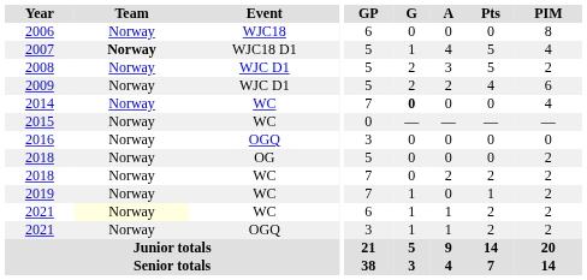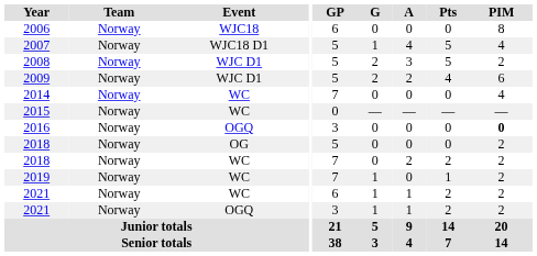 <table border="0" cellpadding="1" cellspacing="0" ID="Table3" style="text-align:center; width:40em">
 <tr ALIGN="center" bgcolor="#e0e0e0">
 <th>Year</th>
 <th>Team</th>
 <th>Event</th>
 <th rowspan="99" bgcolor="#ffffff"></th>
 <th>GP</th>
 <th>G</th>
 <th>A</th>
 <th>Pts</th>
 <th>PIM</th>
 </tr>
 <tr>
 <td><a href='#'>2006</a></td>
 <td><a href='#'>Norway</a></td>
 <td><a href='#'>WJC18</a></td>
 <td>6</td>
 <td>0</td>
 <td>0</td>
 <td>0</td>
 <td>8</td>
 </tr>
 <tr bgcolor="#f0f0f0">
 <td><a href='#'>2007</a></td>
-<td><strong>Norway</strong></td>
+<td>Norway</td>
 <td>WJC18 D1</td>
 <td>5</td>
 <td>1</td>
 <td>4</td>
 <td>5</td>
 <td>4</td>
 </tr>
 <tr>
 <td><a href='#'>2008</a></td>
 <td><a href='#'>Norway</a></td>
 <td><a href='#'>WJC D1</a></td>
 <td>5</td>
 <td>2</td>
 <td>3</td>
 <td>5</td>
 <td>2</td>
 </tr>
 <tr bgcolor="#f0f0f0">
 <td><a href='#'>2009</a></td>
 <td>Norway</td>
 <td>WJC D1</td>
 <td>5</td>
 <td>2</td>
 <td>2</td>
 <td>4</td>
 <td>6</td>
 </tr>
 <tr>
 <td><a href='#'>2014</a></td>
 <td><a href='#'>Norway</a></td>
 <td><a href='#'>WC</a></td>
 <td>7</td>
-<td><strong>0</strong></td>
+<td>0</td>
 <td>0</td>
 <td>0</td>
 <td>4</td>
 </tr>
 <tr bgcolor="#f0f0f0">
 <td><a href='#'>2015</a></td>
 <td>Norway</td>
 <td>WC</td>
 <td>0</td>
 <td>—</td>
 <td>—</td>
 <td>—</td>
 <td>—</td>
 </tr>
 <tr>
 <td><a href='#'>2016</a></td>
 <td>Norway</td>
 <td><a href='#'>OGQ</a></td>
 <td>3</td>
 <td>0</td>
 <td>0</td>
 <td>0</td>
-<td>0</td>
+<td><strong>0</strong></td>
 </tr>
 <tr bgcolor="#f0f0f0">
 <td><a href='#'>2018</a></td>
 <td>Norway</td>
 <td>OG</td>
 <td>5</td>
 <td>0</td>
 <td>0</td>
 <td>0</td>
 <td>2</td>
 </tr>
 <tr>
 <td><a href='#'>2018</a></td>
 <td>Norway</td>
 <td>WC</td>
 <td>7</td>
 <td>0</td>
 <td>2</td>
 <td>2</td>
 <td>2</td>
 </tr>
 <tr bgcolor="#f0f0f0">
 <td><a href='#'>2019</a></td>
 <td>Norway</td>
 <td>WC</td>
 <td>7</td>
 <td>1</td>
 <td>0</td>
 <td>1</td>
 <td>2</td>
 </tr>
 <tr>
 <td><a href='#'>2021</a></td>
-<td style="background: lightyellow;">Norway</td>
+<td>Norway</td>
 <td>WC</td>
 <td>6</td>
 <td>1</td>
 <td>1</td>
 <td>2</td>
 <td>2</td>
 </tr>
 <tr bgcolor="#f0f0f0">
 <td><a href='#'>2021</a></td>
 <td>Norway</td>
 <td>OGQ</td>
 <td>3</td>
 <td>1</td>
 <td>1</td>
 <td>2</td>
 <td>2</td>
 </tr>
 <tr bgcolor="#e0e0e0">
 <th colspan="3">Junior totals</th>
 <th>21</th>
 <th>5</th>
 <th>9</th>
 <th>14</th>
 <th>20</th>
 </tr>
 <tr bgcolor="#e0e0e0">
 <th colspan="3">Senior totals</th>
 <th>38</th>
 <th>3</th>
 <th>4</th>
 <th>7</th>
 <th>14</th>
 </tr>
 </table>
